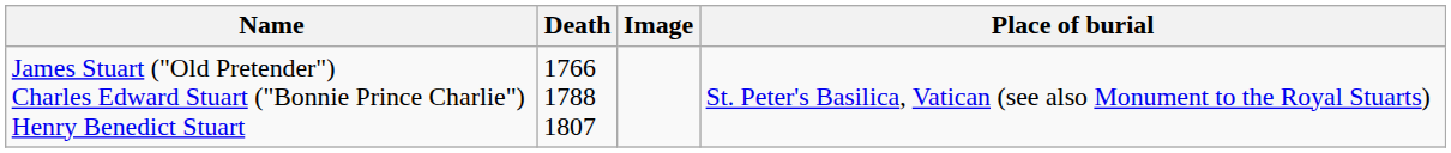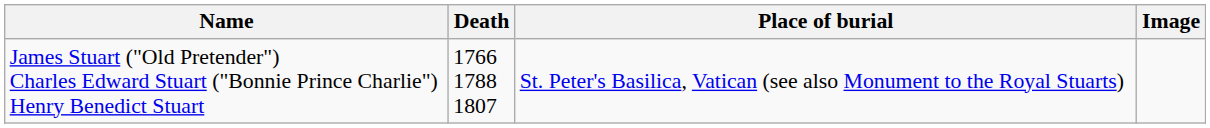 <table class="wikitable" width="100%">
 <tr>
 <th>Name</th>
 <th>Death</th>
+<th>Place of burial</th>
 <th>Image</th>
-<th>Place of burial</th>
 </tr>
 <tr>
 <td><a href='#'>James Stuart</a> ("Old Pretender")<br><a href='#'>Charles Edward Stuart</a> ("Bonnie Prince Charlie")<br><a href='#'>Henry Benedict Stuart</a></td>
 <td>1766<br>1788<br>1807</td>
+<td><a href='#'>St. Peter's Basilica</a>, <a href='#'>Vatican</a> (see also <a href='#'>Monument to the Royal Stuarts</a>)</td>
 <td><br></td>
-<td><a href='#'>St. Peter's Basilica</a>, <a href='#'>Vatican</a> (see also <a href='#'>Monument to the Royal Stuarts</a>)</td>
 </tr>
 </table>
